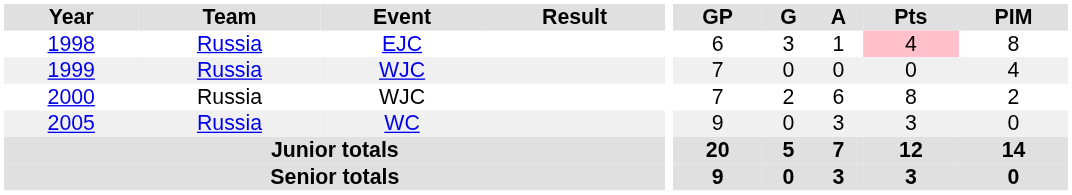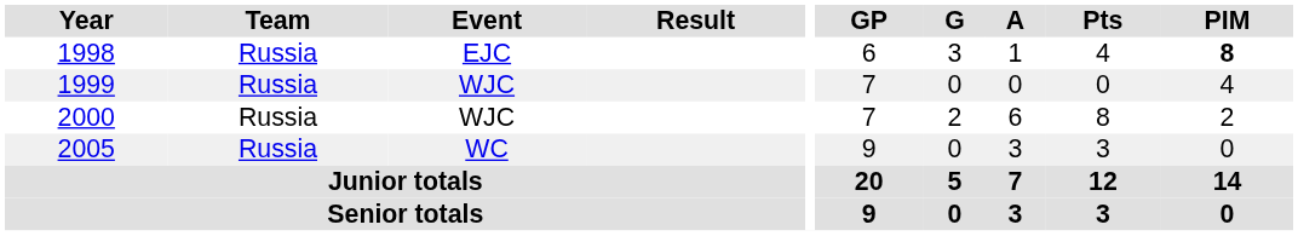 <table border="0" cellpadding="1" cellspacing="0" ID="Table3" style="text-align:center; width:50em">
 <tr ALIGN="center" bgcolor="#e0e0e0">
 <th>Year</th>
 <th>Team</th>
 <th>Event</th>
 <th>Result</th>
 <th rowspan="99" bgcolor="#ffffff"></th>
 <th>GP</th>
 <th>G</th>
 <th>A</th>
 <th>Pts</th>
 <th>PIM</th>
 </tr>
 <tr>
 <td><a href='#'>1998</a></td>
 <td><a href='#'>Russia</a></td>
 <td><a href='#'>EJC</a></td>
 <td></td>
 <td>6</td>
 <td>3</td>
 <td>1</td>
-<td style="background: pink;">4</td>
-<td>8</td>
+<td>4</td>
+<td><strong>8</strong></td>
 </tr>
 <tr bgcolor="#f0f0f0">
 <td><a href='#'>1999</a></td>
 <td><a href='#'>Russia</a></td>
 <td><a href='#'>WJC</a></td>
 <td></td>
 <td>7</td>
 <td>0</td>
 <td>0</td>
 <td>0</td>
 <td>4</td>
 </tr>
 <tr>
 <td><a href='#'>2000</a></td>
 <td>Russia</td>
 <td>WJC</td>
 <td></td>
 <td>7</td>
 <td>2</td>
 <td>6</td>
 <td>8</td>
 <td>2</td>
 </tr>
 <tr bgcolor="#f0f0f0">
 <td><a href='#'>2005</a></td>
 <td><a href='#'>Russia</a></td>
 <td><a href='#'>WC</a></td>
 <td></td>
 <td>9</td>
 <td>0</td>
 <td>3</td>
 <td>3</td>
 <td>0</td>
 </tr>
 <tr bgcolor="#e0e0e0">
 <th colspan="4">Junior totals</th>
 <th>20</th>
 <th>5</th>
 <th>7</th>
 <th>12</th>
 <th>14</th>
 </tr>
 <tr bgcolor="#e0e0e0">
 <th colspan="4">Senior totals</th>
 <th>9</th>
 <th>0</th>
 <th>3</th>
 <th>3</th>
 <th>0</th>
 </tr>
 </table>
